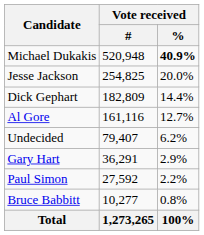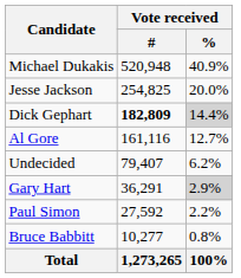 <table class="wikitable sortable">
 <tr>
 <th rowspan="2">Candidate</th>
 <th colspan="2">Vote received</th>
 </tr>
 <tr>
 <th>#</th>
 <th>%</th>
 </tr>
 <tr>
 <td>Michael Dukakis</td>
 <td>520,948</td>
-<td><strong>40.9%</strong></td>
+<td>40.9%</td>
 </tr>
 <tr>
 <td>Jesse Jackson</td>
 <td>254,825</td>
 <td>20.0%</td>
 </tr>
 <tr>
 <td>Dick Gephart</td>
-<td>182,809</td>
-<td>14.4%</td>
+<td><strong>182,809</strong></td>
+<td style="background: lightgrey;">14.4%</td>
 </tr>
 <tr>
 <td><a href='#'>Al Gore</a></td>
 <td>161,116</td>
 <td>12.7%</td>
 </tr>
 <tr>
 <td>Undecided</td>
 <td>79,407</td>
 <td>6.2%</td>
 </tr>
 <tr>
 <td><a href='#'>Gary Hart</a></td>
 <td>36,291</td>
-<td>2.9%</td>
+<td style="background: lightgrey;">2.9%</td>
 </tr>
 <tr>
 <td><a href='#'>Paul Simon</a></td>
 <td>27,592</td>
 <td>2.2%</td>
 </tr>
 <tr>
 <td><a href='#'>Bruce Babbitt</a></td>
 <td>10,277</td>
 <td>0.8%</td>
 </tr>
 <tr>
 <th>Total</th>
 <th>1,273,265</th>
 <th>100%</th>
 </tr>
 </table>
